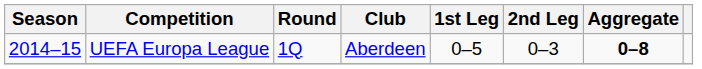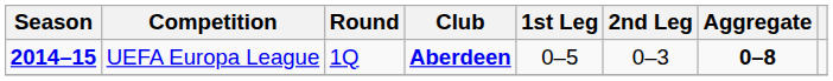 <table class="wikitable">
 <tr>
 <th>Season</th>
 <th>Competition</th>
 <th>Round</th>
 <th>Club</th>
 <th>1st Leg</th>
 <th>2nd Leg</th>
 <th>Aggregate</th>
 <th></th>
 </tr>
 <tr>
-<td><a href='#'>2014–15</a></td>
+<td><strong><a href='#'>2014–15</a></strong></td>
 <td><a href='#'>UEFA Europa League</a></td>
 <td><a href='#'>1Q</a></td>
-<td> <a href='#'>Aberdeen</a></td>
+<td><strong> <a href='#'>Aberdeen</a></strong></td>
 <td style="text-align:center;">0–5</td>
 <td style="text-align:center;">0–3</td>
 <td style="text-align:center;"><strong>0–8</strong></td>
 <td></td>
 </tr>
 <tr>
 </tr>
 </table>
